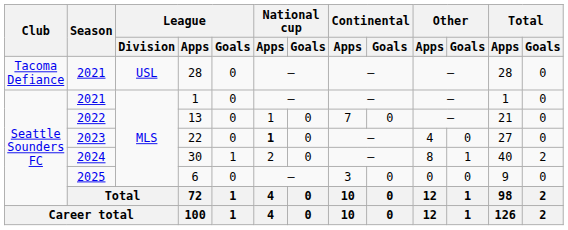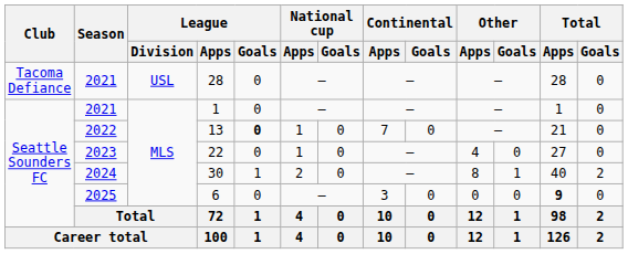 <table class=wikitable style=text-align:center>
 <tr>
 <th rowspan=2>Club</th>
 <th rowspan=2>Season</th>
 <th colspan=3>League</th>
 <th colspan=2>National cup</th>
 <th colspan=2>Continental</th>
 <th colspan=2>Other</th>
 <th colspan=2>Total</th>
 </tr>
 <tr>
 <th>Division</th>
 <th>Apps</th>
 <th>Goals</th>
 <th>Apps</th>
 <th>Goals</th>
 <th>Apps</th>
 <th>Goals</th>
 <th>Apps</th>
 <th>Goals</th>
 <th>Apps</th>
 <th>Goals</th>
 </tr>
 <tr>
 <td rowspan=1><a href='#'>Tacoma Defiance</a></td>
 <td><a href='#'>2021</a></td>
 <td><a href='#'>USL</a></td>
 <td>28</td>
 <td>0</td>
 <td colspan=2>—</td>
 <td colspan=2>—</td>
 <td colspan=2>—</td>
 <td>28</td>
 <td>0</td>
 </tr>
 <tr>
 <td rowspan=6><a href='#'>Seattle Sounders FC</a></td>
 <td><a href='#'>2021</a></td>
 <td rowspan=5><a href='#'>MLS</a></td>
 <td>1</td>
 <td>0</td>
 <td colspan=2>—</td>
 <td colspan=2>—</td>
 <td colspan=2>—</td>
 <td>1</td>
 <td>0</td>
 </tr>
 <tr>
 <td><a href='#'>2022</a></td>
 <td>13</td>
-<td>0</td>
+<td><strong>0</strong></td>
 <td>1</td>
 <td>0</td>
 <td>7</td>
 <td>0</td>
 <td colspan=2>—</td>
 <td>21</td>
 <td>0</td>
 </tr>
 <tr>
 <td><a href='#'>2023</a></td>
 <td>22</td>
 <td>0</td>
-<td><strong>1</strong></td>
+<td>1</td>
 <td>0</td>
 <td colspan=2>—</td>
 <td>4</td>
 <td>0</td>
 <td>27</td>
 <td>0</td>
 </tr>
 <tr>
 <td><a href='#'>2024</a></td>
 <td>30</td>
 <td>1</td>
 <td>2</td>
 <td>0</td>
 <td colspan=2>—</td>
 <td>8</td>
 <td>1</td>
 <td>40</td>
 <td>2</td>
 </tr>
 <tr>
 <td><a href='#'>2025</a></td>
 <td>6</td>
 <td>0</td>
 <td colspan=2>—</td>
 <td>3</td>
 <td>0</td>
 <td>0</td>
 <td>0</td>
-<td>9</td>
+<td><strong>9</strong></td>
 <td>0</td>
 </tr>
 <tr>
 <th colspan="2">Total</th>
 <th>72</th>
 <th>1</th>
 <th>4</th>
 <th>0</th>
 <th>10</th>
 <th>0</th>
 <th>12</th>
 <th>1</th>
 <th>98</th>
 <th>2</th>
 </tr>
 <tr>
 <th colspan=3>Career total</th>
 <th>100</th>
 <th>1</th>
 <th>4</th>
 <th>0</th>
 <th>10</th>
 <th>0</th>
 <th>12</th>
 <th>1</th>
 <th>126</th>
 <th>2</th>
 </tr>
 </table>
